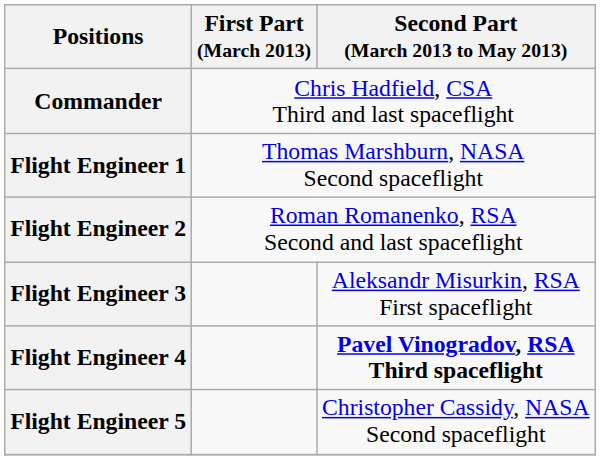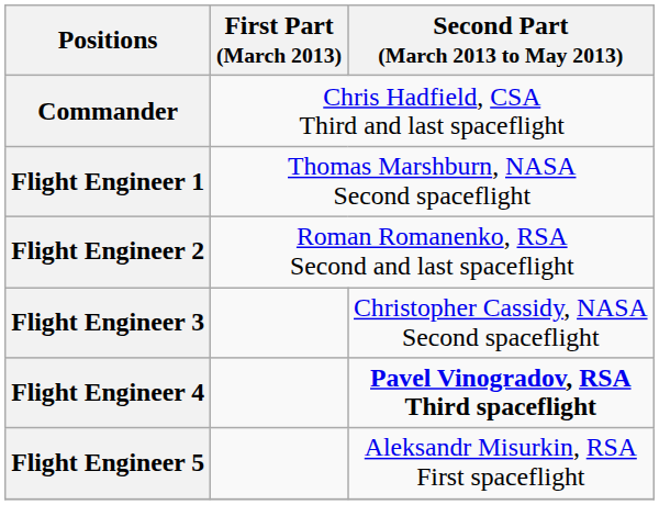 <table class="wikitable">
 <tr>
 <th>Positions</th>
 <th>First Part<br><small>(March 2013)</small></th>
 <th>Second Part<br><small>(March 2013 to May 2013)</small></th>
 </tr>
 <tr>
 <th>Commander</th>
 <td colspan=2 align=center> <a href='#'>Chris Hadfield</a>, <a href='#'>CSA</a><br>Third and last spaceflight</td>
 </tr>
 <tr>
 <th>Flight Engineer 1</th>
 <td colspan=2 align=center> <a href='#'>Thomas Marshburn</a>, <a href='#'>NASA</a><br>Second spaceflight</td>
 </tr>
 <tr>
 <th>Flight Engineer 2</th>
 <td colspan=2 align=center> <a href='#'>Roman Romanenko</a>, <a href='#'>RSA</a><br>Second and last spaceflight</td>
 </tr>
 <tr>
 <th>Flight Engineer 3</th>
 <td></td>
-<td align=center> <a href='#'>Aleksandr Misurkin</a>, <a href='#'>RSA</a><br>First spaceflight</td>
+<td align=center> <a href='#'>Christopher Cassidy</a>, <a href='#'>NASA</a><br>Second spaceflight</td>
 </tr>
 <tr>
 <th>Flight Engineer 4</th>
 <td></td>
 <td align=center><strong> <a href='#'>Pavel Vinogradov</a>, <a href='#'>RSA</a><br>Third spaceflight</strong></td>
 </tr>
 <tr>
 <th>Flight Engineer 5</th>
 <td></td>
-<td align=center> <a href='#'>Christopher Cassidy</a>, <a href='#'>NASA</a><br>Second spaceflight</td>
+<td align=center> <a href='#'>Aleksandr Misurkin</a>, <a href='#'>RSA</a><br>First spaceflight</td>
 </tr>
 <tr>
 </tr>
 </table>
